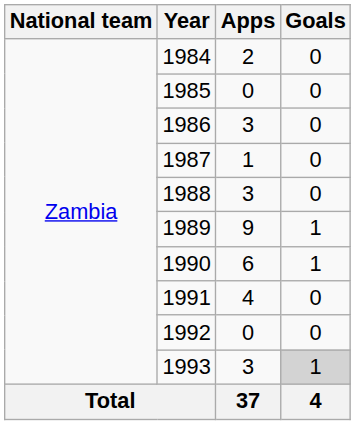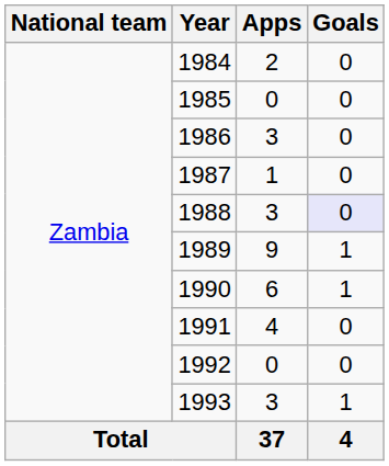 <table class="wikitable" style="text-align: center;">
 <tr>
 <th>National team</th>
 <th>Year</th>
 <th>Apps</th>
 <th>Goals</th>
 </tr>
 <tr>
 <td rowspan="10"><a href='#'>Zambia</a></td>
 <td>1984</td>
 <td>2</td>
 <td>0</td>
 </tr>
 <tr>
 <td>1985</td>
 <td>0</td>
 <td>0</td>
 </tr>
 <tr>
 <td>1986</td>
 <td>3</td>
 <td>0</td>
 </tr>
 <tr>
 <td>1987</td>
 <td>1</td>
 <td>0</td>
 </tr>
 <tr>
 <td>1988</td>
 <td>3</td>
-<td>0</td>
+<td style="background: lavender;">0</td>
 </tr>
 <tr>
 <td>1989</td>
 <td>9</td>
 <td>1</td>
 </tr>
 <tr>
 <td>1990</td>
 <td>6</td>
 <td>1</td>
 </tr>
 <tr>
 <td>1991</td>
 <td>4</td>
 <td>0</td>
 </tr>
 <tr>
 <td>1992</td>
 <td>0</td>
 <td>0</td>
 </tr>
 <tr>
 <td>1993</td>
 <td>3</td>
-<td style="background: lightgrey;">1</td>
+<td>1</td>
 </tr>
 <tr>
 <th colspan="2">Total</th>
 <th>37</th>
 <th>4</th>
 </tr>
 </table>
